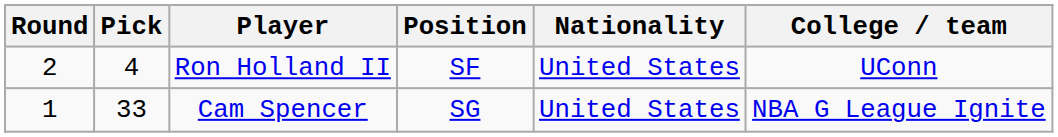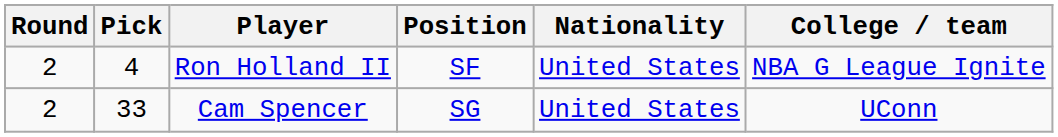 <table class="wikitable sortable sortable">
 <tr>
 <th>Round</th>
 <th>Pick</th>
 <th>Player</th>
 <th>Position</th>
 <th>Nationality</th>
 <th>College / team</th>
 </tr>
 <tr style="text-align: center">
 <td>2</td>
 <td>4</td>
 <td><a href='#'>Ron Holland II</a></td>
 <td><a href='#'>SF</a></td>
 <td> <a href='#'>United States</a></td>
-<td><a href='#'>UConn</a></td>
+<td><a href='#'>NBA G League Ignite</a></td>
 </tr>
 <tr style="text-align: center">
-<td>1</td>
+<td>2</td>
 <td>33</td>
 <td><a href='#'>Cam Spencer</a></td>
 <td><a href='#'>SG</a></td>
 <td> <a href='#'>United States</a></td>
-<td><a href='#'>NBA G League Ignite</a></td>
+<td><a href='#'>UConn</a></td>
 </tr>
 </table>
